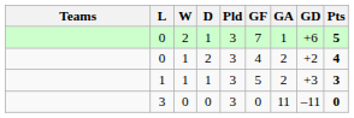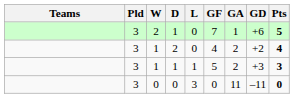 <table class="wikitable" style="text-align: center;">
 <tr>
 <th width=165>Teams</th>
-<th width=20>L</th>
+<th width=20>Pld</th>
 <th width=20>W</th>
 <th width=20>D</th>
-<th width=20>Pld</th>
+<th width=20>L</th>
 <th width=20>GF</th>
 <th width=20>GA</th>
 <th width=25>GD</th>
 <th width=20>Pts</th>
 </tr>
 <tr align=center style="background:#ccffcc;">
 <td style="text-align:left;"></td>
-<td>0</td>
+<td>3</td>
 <td>2</td>
 <td>1</td>
-<td>3</td>
+<td>0</td>
 <td>7</td>
 <td>1</td>
 <td>+6</td>
 <td><strong>5</strong></td>
 </tr>
 <tr align=center>
 <td style="text-align:left;"></td>
-<td>0</td>
+<td>3</td>
 <td>1</td>
 <td>2</td>
-<td>3</td>
+<td>0</td>
 <td>4</td>
 <td>2</td>
 <td>+2</td>
 <td><strong>4</strong></td>
 </tr>
 <tr align=center>
 <td style="text-align:left;"></td>
+<td>3</td>
 <td>1</td>
 <td>1</td>
 <td>1</td>
-<td>3</td>
 <td>5</td>
 <td>2</td>
 <td>+3</td>
 <td><strong>3</strong></td>
 </tr>
 <tr align=center>
 <td style="text-align:left;"></td>
 <td>3</td>
 <td>0</td>
 <td>0</td>
 <td>3</td>
 <td>0</td>
 <td>11</td>
 <td>–11</td>
 <td><strong>0</strong></td>
 </tr>
 </table>
